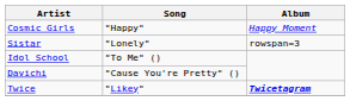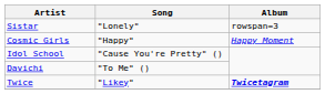 <table class="wikitable sortable">
 <tr>
 <th style="width:10em;">Artist</th>
 <th style="width:15em;">Song</th>
 <th style="width:10em;">Album</th>
 </tr>
 <tr>
+<td><a href='#'>Sistar</a></td>
+<td>"Lonely"</td>
+<td>rowspan=3 </td>
+</tr>
+<tr>
 <td><a href='#'>Cosmic Girls</a></td>
 <td>"Happy"</td>
 <td><em><a href='#'>Happy Moment</a></em></td>
 </tr>
 <tr>
-<td><a href='#'>Sistar</a></td>
-<td>"Lonely"</td>
-<td>rowspan=3 </td>
-</tr>
-<tr>
 <td><a href='#'>Idol School</a></td>
-<td>"To Me" ()</td>
+<td>"Cause You're Pretty" ()</td>
 </tr>
 <tr>
 <td><a href='#'>Davichi</a></td>
-<td>"Cause You're Pretty" ()</td>
+<td>"To Me" ()</td>
 </tr>
 <tr>
 <td><a href='#'>Twice</a></td>
 <td>"<a href='#'>Likey</a>"</td>
 <td><strong><em><a href='#'>Twicetagram</a></em></strong></td>
 </tr>
 <tr>
 </tr>
 </table>
